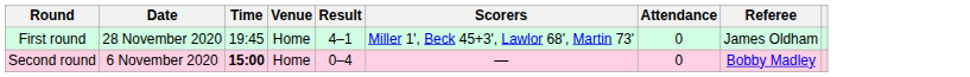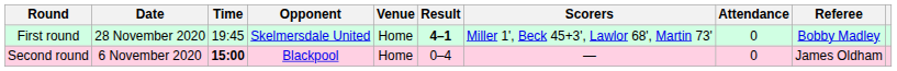 <table class="wikitable sortable" style="text-align:center">
 <tr>
 <th>Round</th>
 <th>Date</th>
 <th>Time</th>
+<th>Opponent</th>
 <th>Venue</th>
 <th>Result</th>
 <th class="unsortable">Scorers</th>
 <th>Attendance</th>
 <th class="unsortable">Referee</th>
 <th class="unsortable"></th>
 </tr>
 <tr bgcolor="#d0ffe3">
 <td>First round</td>
 <td>28 November 2020</td>
 <td>19:45</td>
+<td><a href='#'>Skelmersdale United</a></td>
 <td>Home</td>
-<td>4–1</td>
+<td><strong>4–1</strong></td>
 <td><a href='#'>Miller</a> 1', <a href='#'>Beck</a> 45+3', <a href='#'>Lawlor</a> 68', <a href='#'>Martin</a> 73'</td>
 <td>0</td>
-<td>James Oldham</td>
+<td><a href='#'>Bobby Madley</a></td>
 <td></td>
 </tr>
 <tr bgcolor="#ffd0e3">
 <td>Second round</td>
 <td>6 November 2020</td>
 <td><strong>15:00</strong></td>
+<td><a href='#'>Blackpool</a></td>
 <td>Home</td>
 <td>0–4</td>
 <td>—</td>
 <td>0</td>
-<td><a href='#'>Bobby Madley</a></td>
+<td>James Oldham</td>
 <td></td>
 </tr>
 </table>
